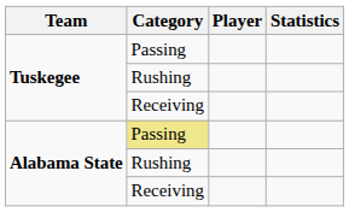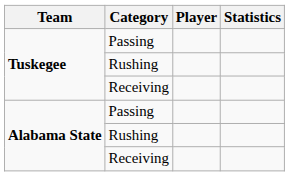 <table class="wikitable" style="float: left;">
 <tr>
 <th>Team</th>
 <th>Category</th>
 <th>Player</th>
 <th>Statistics</th>
 </tr>
 <tr>
 <td rowspan=3><strong>Tuskegee</strong></td>
 <td>Passing</td>
 <td> </td>
 <td> </td>
 </tr>
 <tr>
 <td>Rushing</td>
 <td> </td>
 <td> </td>
 </tr>
 <tr>
 <td>Receiving</td>
 <td> </td>
 <td> </td>
 </tr>
 <tr>
 <td rowspan=3><strong>Alabama State</strong></td>
-<td style="background: khaki;">Passing</td>
+<td>Passing</td>
 <td> </td>
 <td> </td>
 </tr>
 <tr>
 <td>Rushing</td>
 <td> </td>
 <td> </td>
 </tr>
 <tr>
 <td>Receiving</td>
 <td> </td>
 <td> </td>
 </tr>
 </table>
